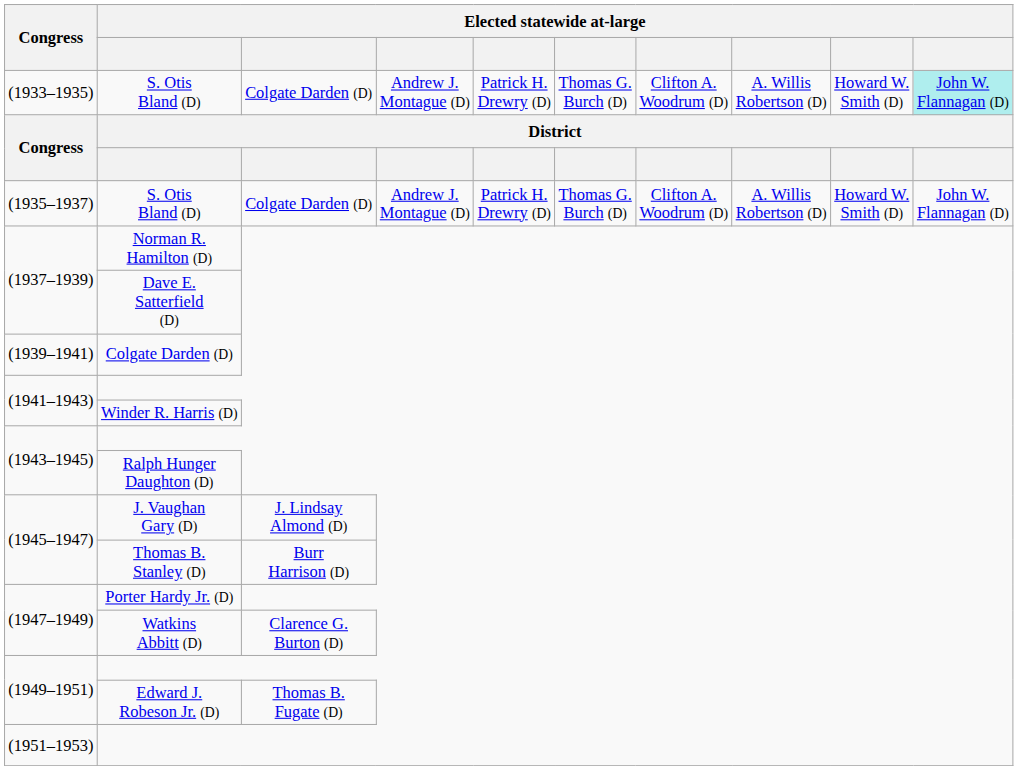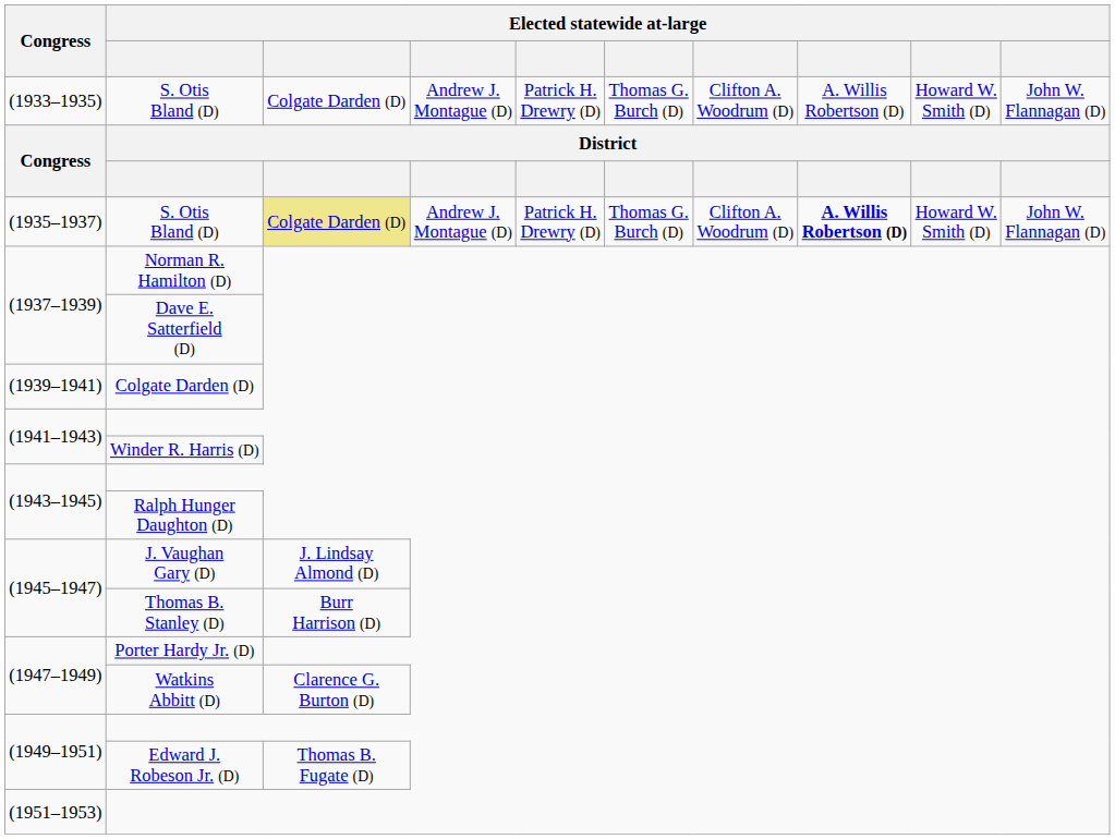 <table class=wikitable style="text-align:center">
 <tr style="height:2em">
 <th rowspan=2>Congress</th>
 <th colspan=9>Elected statewide at-large</th>
 </tr>
 <tr style="height:2em">
 <th></th>
 <th></th>
 <th></th>
 <th></th>
 <th></th>
 <th></th>
 <th></th>
 <th></th>
 <th></th>
 </tr>
 <tr style="height:2em">
 <td><strong></strong> (1933–1935)</td>
 <td><a href='#'>S. Otis<br>Bland</a> <small>(D)</small></td>
 <td><a href='#'>Colgate Darden</a> <small>(D)</small></td>
 <td><a href='#'>Andrew J.<br>Montague</a> <small>(D)</small></td>
 <td><a href='#'>Patrick H.<br>Drewry</a> <small>(D)</small></td>
 <td><a href='#'>Thomas G.<br>Burch</a> <small>(D)</small></td>
 <td><a href='#'>Clifton A.<br>Woodrum</a> <small>(D)</small></td>
 <td><a href='#'>A. Willis<br>Robertson</a> <small>(D)</small></td>
 <td><a href='#'>Howard W.<br>Smith</a> <small>(D)</small></td>
-<td style="background: paleturquoise;"><a href='#'>John W.<br>Flannagan</a> <small>(D)</small></td>
+<td><a href='#'>John W.<br>Flannagan</a> <small>(D)</small></td>
 </tr>
 <tr style="height:2em">
 <th rowspan=2>Congress</th>
 <th colspan=9>District</th>
 </tr>
 <tr style="height:2em">
 <th></th>
 <th></th>
 <th></th>
 <th></th>
 <th></th>
 <th></th>
 <th></th>
 <th></th>
 <th></th>
 </tr>
 <tr style="height:2.5em">
 <td><strong></strong> (1935–1937)</td>
 <td><a href='#'>S. Otis<br>Bland</a> <small>(D)</small></td>
-<td><a href='#'>Colgate Darden</a> <small>(D)</small></td>
+<td style="background: khaki;"><a href='#'>Colgate Darden</a> <small>(D)</small></td>
 <td><a href='#'>Andrew J.<br>Montague</a> <small>(D)</small></td>
 <td><a href='#'>Patrick H.<br>Drewry</a> <small>(D)</small></td>
 <td><a href='#'>Thomas G.<br>Burch</a> <small>(D)</small></td>
 <td><a href='#'>Clifton A.<br>Woodrum</a> <small>(D)</small></td>
-<td><a href='#'>A. Willis<br>Robertson</a> <small>(D)</small></td>
+<td><strong><a href='#'>A. Willis<br>Robertson</a> <small>(D)</small></strong></td>
 <td><a href='#'>Howard W.<br>Smith</a> <small>(D)</small></td>
 <td><a href='#'>John W.<br>Flannagan</a> <small>(D)</small></td>
 </tr>
 <tr style="height:1.5em">
 <td rowspan=2><strong></strong> (1937–1939)</td>
 <td><a href='#'>Norman R.<br>Hamilton</a> <small>(D)</small></td>
 </tr>
 <tr style="height:1.5em">
 <td><a href='#'>Dave E.<br>Satterfield</a><br><small>(D)</small></td>
 </tr>
 <tr style="height:2.5em">
 <td><strong></strong> (1939–1941)</td>
 <td><a href='#'>Colgate Darden</a> <small>(D)</small></td>
 </tr>
 <tr style="height:1.5em">
 <td rowspan=2><strong></strong> (1941–1943)</td>
 </tr>
 <tr style="height:1.5em">
 <td><a href='#'>Winder R. Harris</a> <small>(D)</small></td>
 </tr>
 <tr style="height:1.5em">
 <td rowspan=2><strong></strong> (1943–1945)</td>
 </tr>
 <tr style="height:1.5em">
 <td><a href='#'>Ralph Hunger<br>Daughton</a> <small>(D)</small></td>
 </tr>
 <tr style="height:1.5em">
 <td rowspan=2><strong></strong> (1945–1947)</td>
 <td><a href='#'>J. Vaughan<br>Gary</a> <small>(D)</small></td>
 <td><a href='#'>J. Lindsay<br>Almond</a> <small>(D)</small></td>
 </tr>
 <tr style="height:1.5em">
 <td><a href='#'>Thomas B.<br>Stanley</a> <small>(D)</small></td>
 <td><a href='#'>Burr<br>Harrison</a> <small>(D)</small></td>
 </tr>
 <tr style="height:1.5em">
 <td rowspan=2><strong></strong> (1947–1949)</td>
 <td><a href='#'>Porter Hardy Jr.</a> <small>(D)</small></td>
 </tr>
 <tr style="height:1.5em">
 <td><a href='#'>Watkins<br>Abbitt</a> <small>(D)</small></td>
 <td><a href='#'>Clarence G.<br>Burton</a> <small>(D)</small></td>
 </tr>
 <tr style="height:1.5em">
 <td rowspan=2><strong></strong> (1949–1951)</td>
 </tr>
 <tr style="height:1.5em">
 <td><a href='#'>Edward J.<br>Robeson Jr.</a> <small>(D)</small></td>
 <td><a href='#'>Thomas B.<br>Fugate</a> <small>(D)</small></td>
 </tr>
 <tr style="height:2.5em">
 <td><strong></strong> (1951–1953)</td>
 </tr>
 </table>
